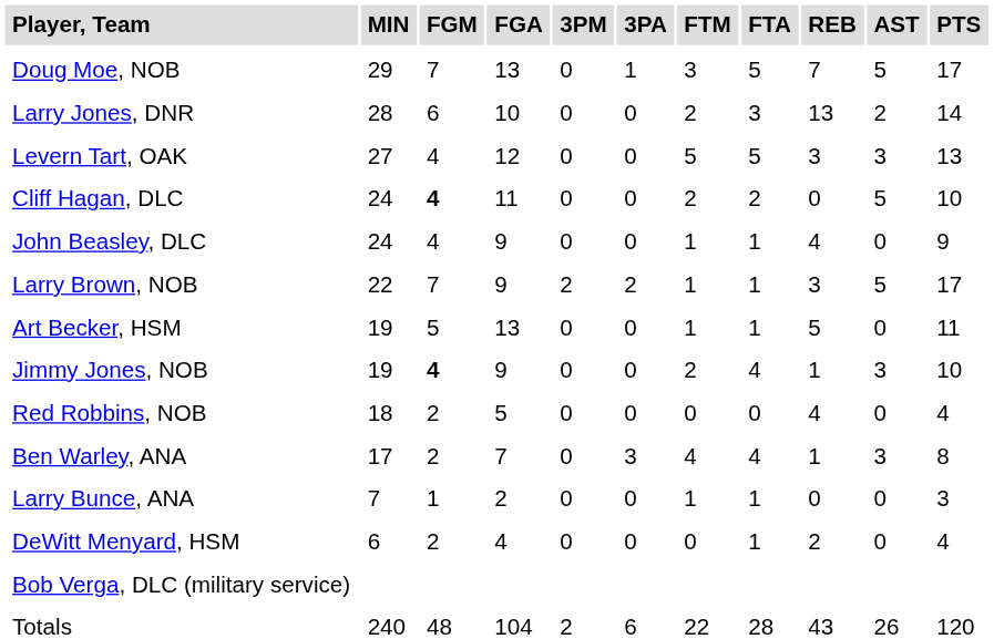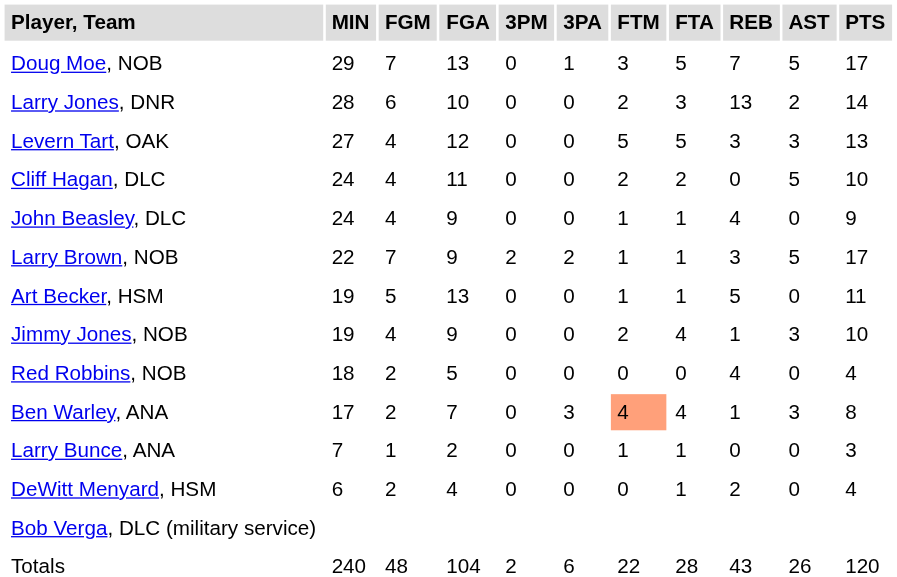 <table cellpadding=5>
 <tr bgcolor="#dddddd">
 <td><strong>Player, Team</strong></td>
 <td><strong>MIN</strong></td>
 <td><strong>FGM</strong></td>
 <td><strong>FGA</strong></td>
 <td><strong>3PM</strong></td>
 <td><strong>3PA</strong></td>
 <td><strong>FTM</strong></td>
 <td><strong>FTA</strong></td>
 <td><strong>REB</strong></td>
 <td><strong>AST</strong></td>
 <td><strong>PTS</strong></td>
 </tr>
 <tr bgcolor="#eeeeee">
 </tr>
 <tr>
 <td><a href='#'>Doug Moe</a>, NOB</td>
 <td>29</td>
 <td>7</td>
 <td>13</td>
 <td>0</td>
 <td>1</td>
 <td>3</td>
 <td>5</td>
 <td>7</td>
 <td>5</td>
 <td>17</td>
 </tr>
 <tr>
 <td><a href='#'>Larry Jones</a>, DNR</td>
 <td>28</td>
 <td>6</td>
 <td>10</td>
 <td>0</td>
 <td>0</td>
 <td>2</td>
 <td>3</td>
 <td>13</td>
 <td>2</td>
 <td>14</td>
 </tr>
 <tr>
 <td><a href='#'>Levern Tart</a>, OAK</td>
 <td>27</td>
 <td>4</td>
 <td>12</td>
 <td>0</td>
 <td>0</td>
 <td>5</td>
 <td>5</td>
 <td>3</td>
 <td>3</td>
 <td>13</td>
 </tr>
 <tr>
 <td><a href='#'>Cliff Hagan</a>, DLC</td>
 <td>24</td>
-<td><strong>4</strong></td>
+<td>4</td>
 <td>11</td>
 <td>0</td>
 <td>0</td>
 <td>2</td>
 <td>2</td>
 <td>0</td>
 <td>5</td>
 <td>10</td>
 </tr>
 <tr>
 <td><a href='#'>John Beasley</a>, DLC</td>
 <td>24</td>
 <td>4</td>
 <td>9</td>
 <td>0</td>
 <td>0</td>
 <td>1</td>
 <td>1</td>
 <td>4</td>
 <td>0</td>
 <td>9</td>
 </tr>
 <tr>
 <td><a href='#'>Larry Brown</a>, NOB</td>
 <td>22</td>
 <td>7</td>
 <td>9</td>
 <td>2</td>
 <td>2</td>
 <td>1</td>
 <td>1</td>
 <td>3</td>
 <td>5</td>
 <td>17</td>
 </tr>
 <tr>
 <td><a href='#'>Art Becker</a>, HSM</td>
 <td>19</td>
 <td>5</td>
 <td>13</td>
 <td>0</td>
 <td>0</td>
 <td>1</td>
 <td>1</td>
 <td>5</td>
 <td>0</td>
 <td>11</td>
 </tr>
 <tr>
 <td><a href='#'>Jimmy Jones</a>, NOB</td>
 <td>19</td>
-<td><strong>4</strong></td>
+<td>4</td>
 <td>9</td>
 <td>0</td>
 <td>0</td>
 <td>2</td>
 <td>4</td>
 <td>1</td>
 <td>3</td>
 <td>10</td>
 </tr>
 <tr>
 <td><a href='#'>Red Robbins</a>, NOB</td>
 <td>18</td>
 <td>2</td>
 <td>5</td>
 <td>0</td>
 <td>0</td>
 <td>0</td>
 <td>0</td>
 <td>4</td>
 <td>0</td>
 <td>4</td>
 </tr>
 <tr>
 <td><a href='#'>Ben Warley</a>, ANA</td>
 <td>17</td>
 <td>2</td>
 <td>7</td>
 <td>0</td>
 <td>3</td>
-<td>4</td>
+<td style="background: lightsalmon;">4</td>
 <td>4</td>
 <td>1</td>
 <td>3</td>
 <td>8</td>
 </tr>
 <tr>
 <td><a href='#'>Larry Bunce</a>, ANA</td>
 <td>7</td>
 <td>1</td>
 <td>2</td>
 <td>0</td>
 <td>0</td>
 <td>1</td>
 <td>1</td>
 <td>0</td>
 <td>0</td>
 <td>3</td>
 </tr>
 <tr>
 <td><a href='#'>DeWitt Menyard</a>, HSM</td>
 <td>6</td>
 <td>2</td>
 <td>4</td>
 <td>0</td>
 <td>0</td>
 <td>0</td>
 <td>1</td>
 <td>2</td>
 <td>0</td>
 <td>4</td>
 </tr>
 <tr>
 <td><a href='#'>Bob Verga</a>, DLC (military service)</td>
 </tr>
 <tr>
 <td>Totals</td>
 <td>240</td>
 <td>48</td>
 <td>104</td>
 <td>2</td>
 <td>6</td>
 <td>22</td>
 <td>28</td>
 <td>43</td>
 <td>26</td>
 <td>120</td>
 </tr>
 <tr>
 </tr>
 </table>
